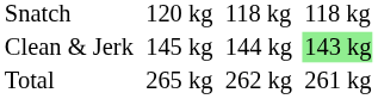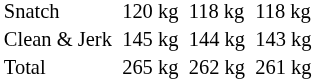 <table>
 <tr>
 <td>Snatch</td>
 <td></td>
 <td>120 kg</td>
 <td></td>
 <td>118 kg</td>
 <td></td>
 <td>118 kg</td>
 </tr>
 <tr>
 <td>Clean & Jerk</td>
 <td></td>
 <td>145 kg</td>
 <td></td>
 <td>144 kg</td>
 <td></td>
-<td style="background: lightgreen;">143 kg</td>
+<td>143 kg</td>
 </tr>
 <tr>
 <td>Total</td>
 <td></td>
 <td>265 kg</td>
 <td></td>
 <td>262 kg</td>
 <td></td>
 <td>261 kg</td>
 </tr>
 </table>
